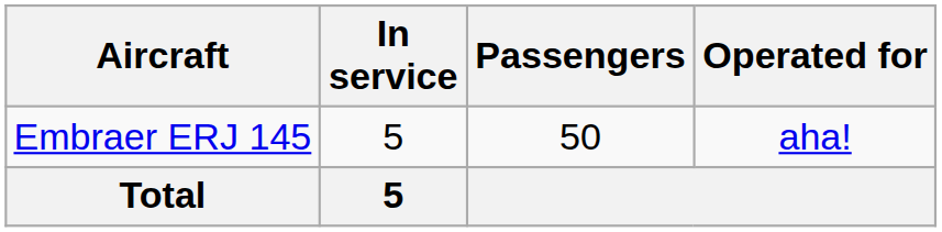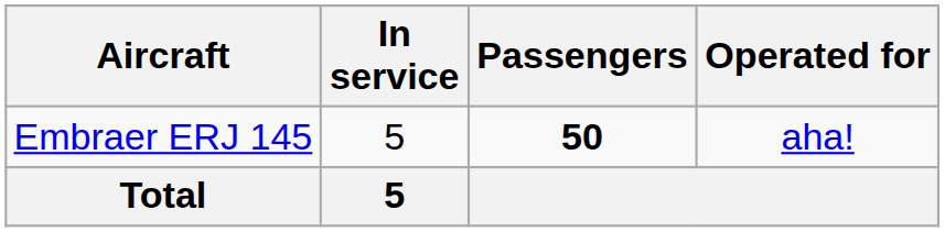 <table class="wikitable" style="text-align:center;margin:auto;">
 <tr>
 <th>Aircraft</th>
 <th>In <br>service</th>
 <th>Passengers</th>
 <th>Operated for</th>
 </tr>
 <tr>
 <td><a href='#'>Embraer ERJ 145</a></td>
 <td>5</td>
-<td>50</td>
+<td><strong>50</strong></td>
 <td><a href='#'>aha!</a></td>
 </tr>
 <tr>
 <th>Total</th>
 <th>5</th>
 <th colspan="2"></th>
 </tr>
 </table>
